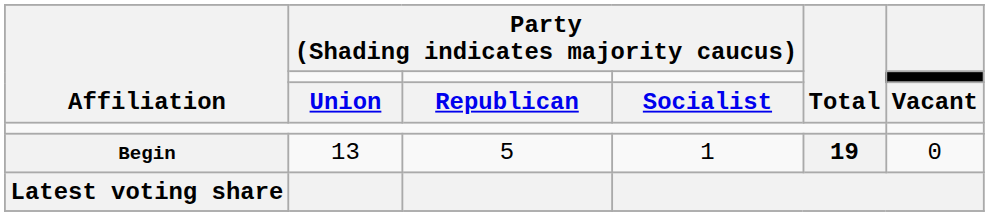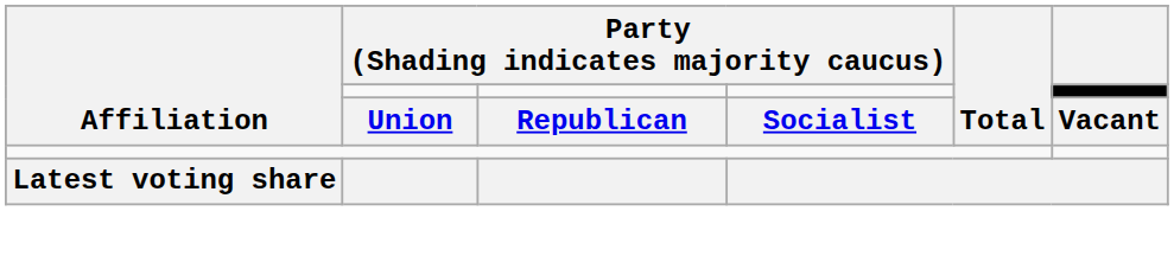 <table class=wikitable style="text-align:center">
 <tr style="vertical-align:bottom;">
 <th rowspan=3>Affiliation</th>
 <th colspan=3>Party <div>(Shading indicates majority caucus)</div></th>
 <th rowspan=3>Total</th>
 <th></th>
 </tr>
 <tr style="height:5px">
 <td></td>
 <td></td>
 <td style="background-color:"></td>
 <td style="background-color:black"></td>
 </tr>
 <tr>
 <th><a href='#'>Union</a></th>
 <th><a href='#'>Republican</a></th>
 <th><a href='#'>Socialist</a></th>
 <th>Vacant</th>
 </tr>
 <tr>
 <td colspan=5></td>
 </tr>
 <tr>
-<th nowrap style="font-size:80%">Begin</th>
-<td>13</td>
-<td>5</td>
-<td>1</td>
-<th>19</th>
-<td>0</td>
-</tr>
-<tr>
 <th>Latest voting share</th>
 <th></th>
 <th></th>
 <th colspan=3></th>
 </tr>
 </table>
